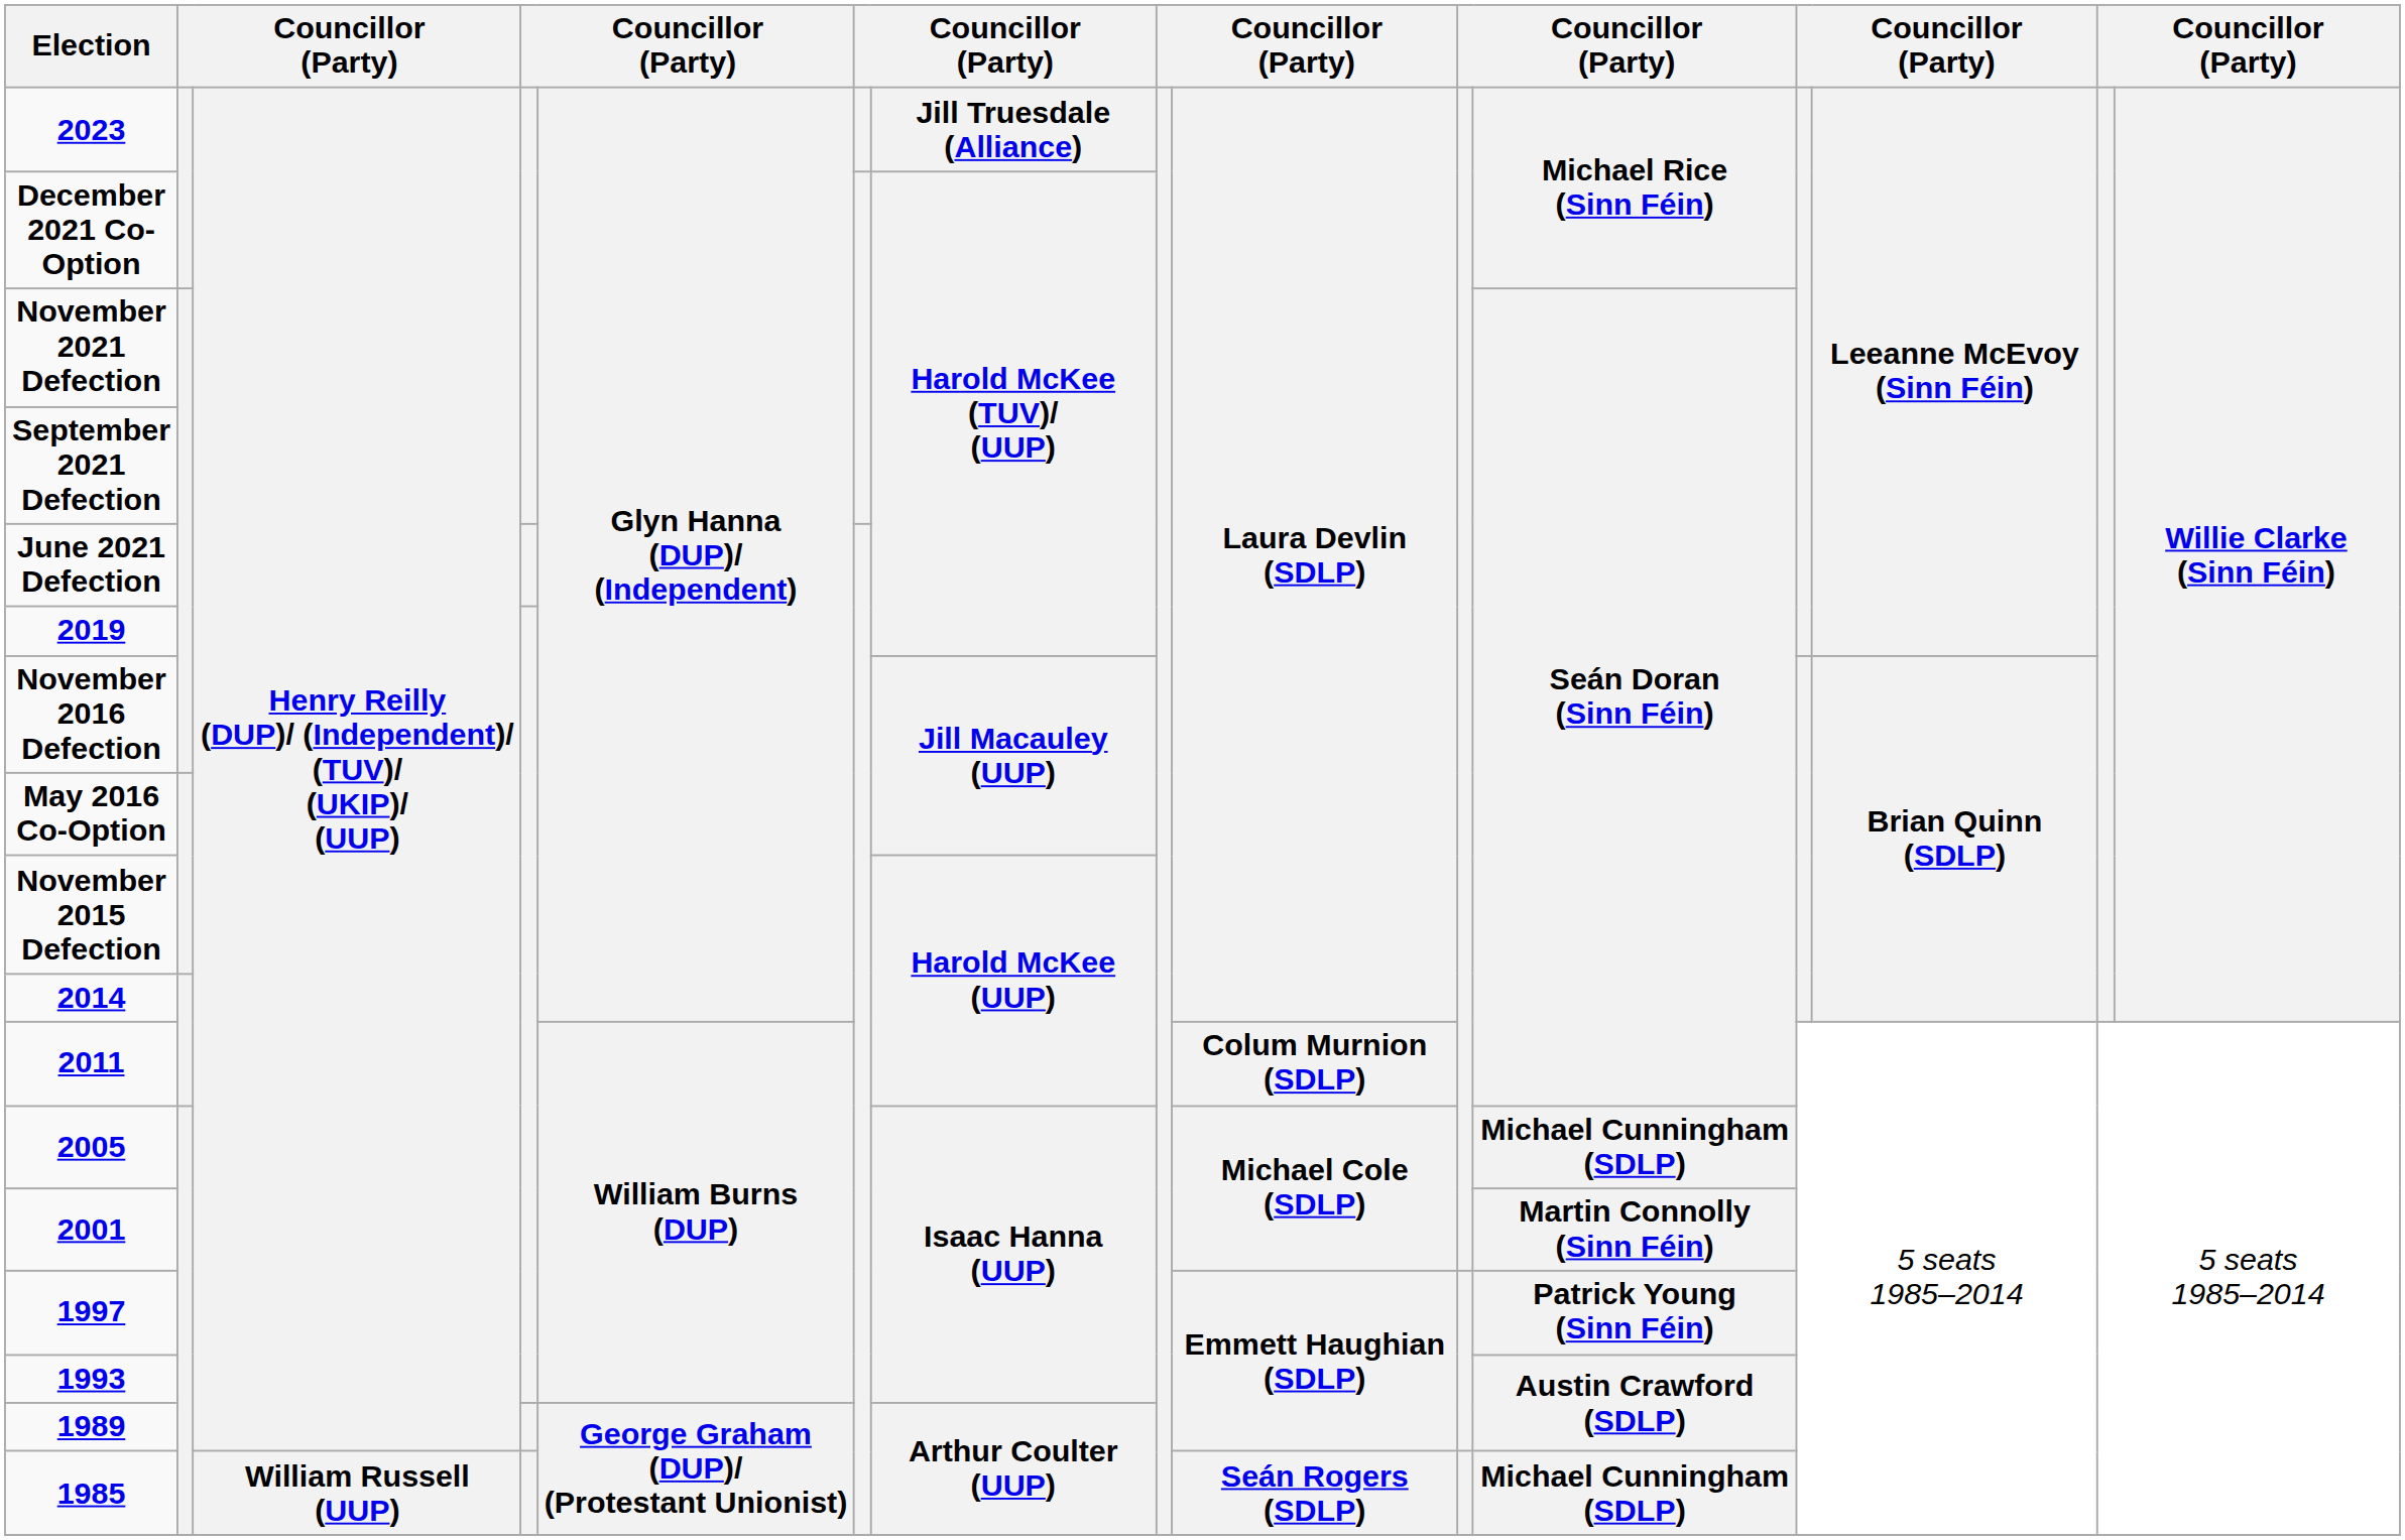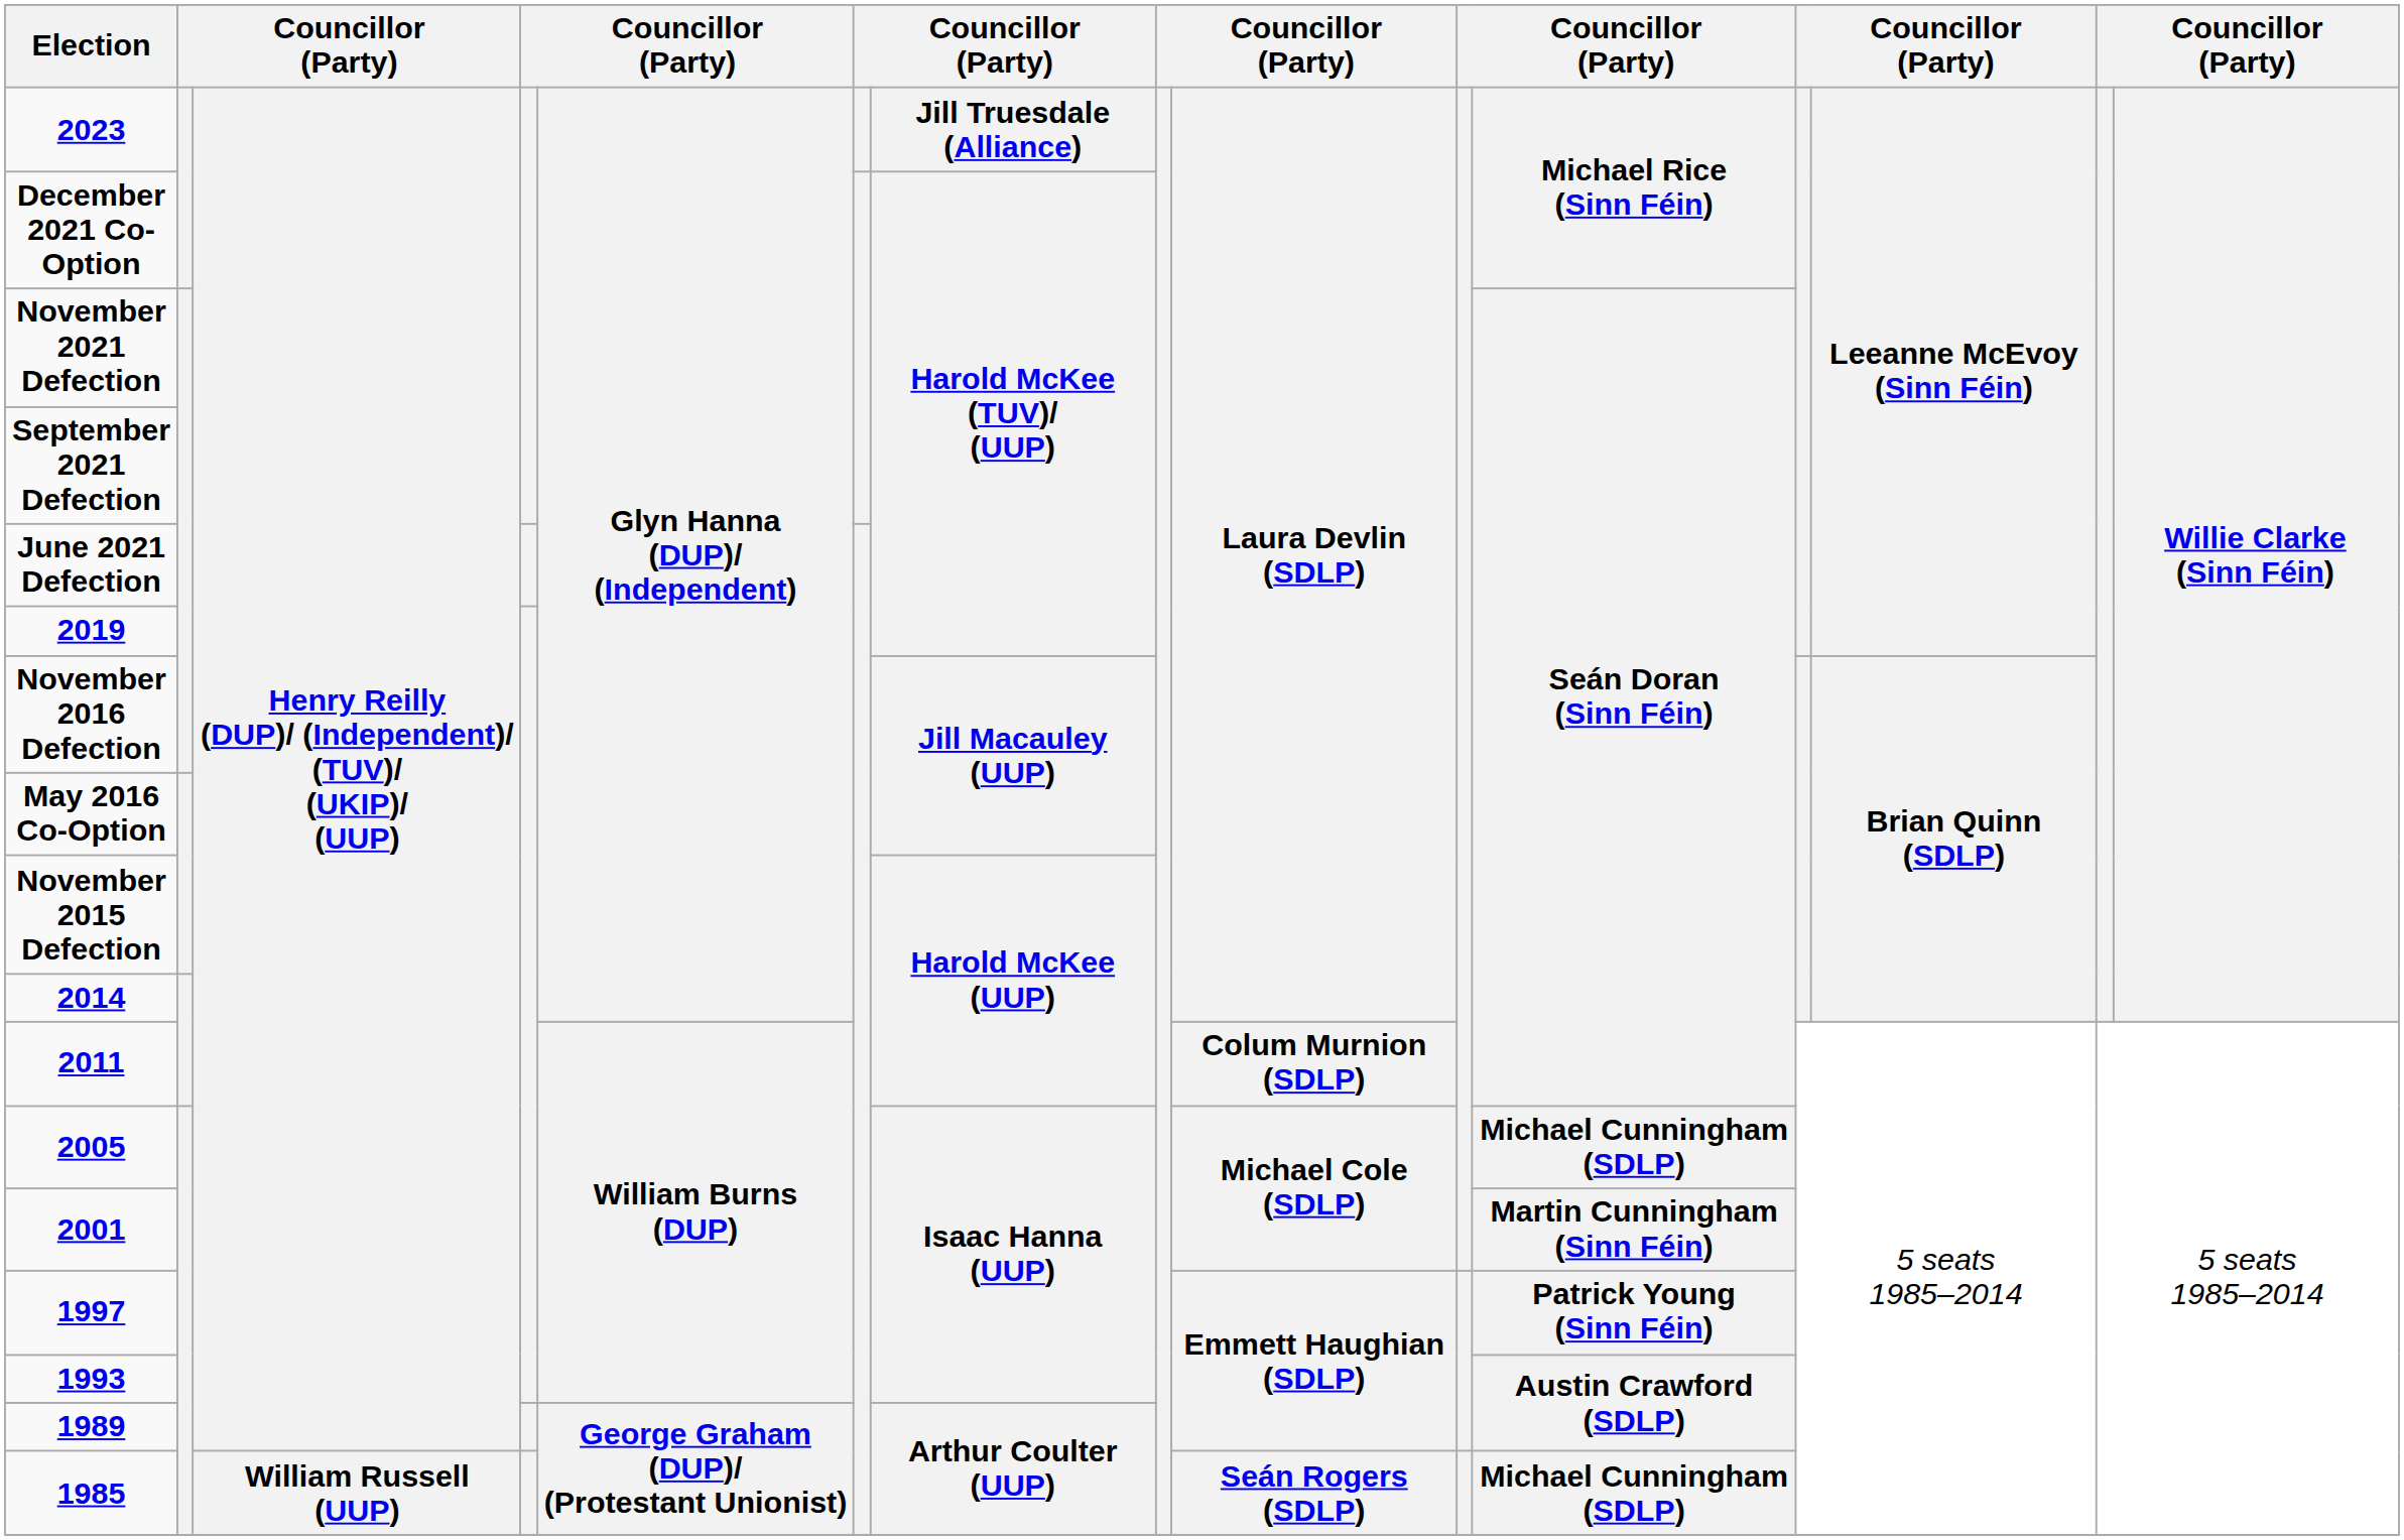 <table class="wikitable" style="text-align:center">
 <tr>
 <th scope="col" width="50">Election</th>
 <th scope="col" width="150" colspan = "2">Councillor<br> (Party)</th>
 <th scope="col" width="150" colspan = "2">Councillor<br> (Party)</th>
 <th scope="col" width="150" colspan = "2">Councillor<br> (Party)</th>
 <th scope="col" width="150" colspan = "2">Councillor<br> (Party)</th>
 <th scope="col" width="150" colspan = "2">Councillor<br> (Party)</th>
 <th scope="col" width="150" colspan = "2">Councillor<br> (Party)</th>
 <th scope="col" width="150" colspan = "2">Councillor<br> (Party)</th>
 </tr>
 <tr>
 <td><strong><a href='#'>2023</a></strong></td>
 <th rowspan="2" width="1" style="background-color: "></th>
 <th rowspan = "16"><a href='#'>Henry Reilly</a> <br> (<a href='#'>DUP</a>)/ (<a href='#'>Independent</a>)/ <br> (<a href='#'>TUV</a>)/ <br> (<a href='#'>UKIP</a>)/ <br> (<a href='#'>UUP</a>)</th>
 <th rowspan="4" width="1" style="background-color: "></th>
 <th rowspan = "10">Glyn Hanna <br> (<a href='#'>DUP</a>)/ <br> (<a href='#'>Independent</a>)</th>
 <th rowspan="1" width="1" style="background-color: "></th>
 <th rowspan = "1">Jill Truesdale <br> (<a href='#'>Alliance</a>)</th>
 <th rowspan="17" width="1" style="background-color: "></th>
 <th rowspan = "10">Laura Devlin <br> (<a href='#'>SDLP</a>)</th>
 <th rowspan="13" width="1" style="background-color: "></th>
 <th rowspan = "2">Michael Rice <br> (<a href='#'>Sinn Féin</a>)</th>
 <th rowspan="6" width="1" style="background-color: "></th>
 <th rowspan = "6">Leeanne McEvoy <br> (<a href='#'>Sinn Féin</a>)</th>
 <th rowspan="10" width="1" style="background-color: "></th>
 <th rowspan = "10"><a href='#'>Willie Clarke</a> <br> (<a href='#'>Sinn Féin</a>)</th>
 </tr>
 <tr>
 <td><strong>December 2021 Co-Option</strong></td>
 <th rowspan="3" width="1" style="background-color: "></th>
 <th rowspan = "5"><a href='#'>Harold McKee</a> <br> (<a href='#'>TUV</a>)/ <br> (<a href='#'>UUP</a>)</th>
 </tr>
 <tr>
 <td><strong>November 2021 Defection</strong></td>
 <th rowspan="5" width="1" style="background-color: "></th>
 <th rowspan = "9">Seán Doran <br> (<a href='#'>Sinn Féin</a>)</th>
 </tr>
 <tr>
 <td><strong>September 2021 Defection</strong></td>
 </tr>
 <tr>
 <td><strong>June 2021 Defection</strong></td>
 <th rowspan="1" width="1" style="background-color: "></th>
 <th rowspan="13" width="1" style="background-color: "></th>
 </tr>
 <tr>
 <td><strong><a href='#'>2019</a></strong></td>
 <th rowspan="10" width="1" style="background-color: "></th>
 </tr>
 <tr>
 <td><strong>November 2016 Defection</strong></td>
 <th rowspan = "2"><a href='#'>Jill Macauley</a> <br> (<a href='#'>UUP</a>)</th>
 <th rowspan="4" width="1" style="background-color: "></th>
 <th rowspan = "4">Brian Quinn <br> (<a href='#'>SDLP</a>)</th>
 </tr>
 <tr>
 <td><strong>May 2016 Co-Option</strong></td>
 <th rowspan="2" width="1" style="background-color: "></th>
 </tr>
 <tr>
 <td><strong>November 2015 Defection</strong></td>
 <th rowspan = "3"><a href='#'>Harold McKee</a> <br> (<a href='#'>UUP</a>)</th>
 </tr>
 <tr>
 <td><strong><a href='#'>2014</a></strong></td>
 <th rowspan="2" width="1" style="background-color: "></th>
 </tr>
 <tr>
 <td><strong><a href='#'>2011</a></strong></td>
 <th rowspan = "5">William Burns <br> (<a href='#'>DUP</a>)</th>
 <th rowspan = "1">Colum Murnion <br> (<a href='#'>SDLP</a>)</th>
 <td colspan="2" rowspan="7" style="background-color:#FFFFFF"><em>5 seats<br>1985–2014</em></td>
 <td colspan="2" rowspan="7" style="background-color:#FFFFFF"><em>5 seats<br>1985–2014</em></td>
 </tr>
 <tr>
 <td><strong><a href='#'>2005</a></strong></td>
 <th rowspan="6" width="1" style="background-color: "></th>
 <th rowspan = "4">Isaac Hanna <br> (<a href='#'>UUP</a>)</th>
 <th rowspan = "2">Michael Cole <br> (<a href='#'>SDLP</a>)</th>
 <th rowspan = "1">Michael Cunningham <br> (<a href='#'>SDLP</a>)</th>
 </tr>
 <tr>
 <td><strong><a href='#'>2001</a></strong></td>
-<th rowspan = "1">Martin Connolly <br> (<a href='#'>Sinn Féin</a>)</th>
+<th rowspan = "1">Martin Cunningham <br> (<a href='#'>Sinn Féin</a>)</th>
 </tr>
 <tr>
 <td><strong><a href='#'>1997</a></strong></td>
 <th rowspan = "3">Emmett Haughian <br> (<a href='#'>SDLP</a>)</th>
 <th rowspan="3" width="1" style="background-color: "></th>
 <th rowspan = "1">Patrick Young <br> (<a href='#'>Sinn Féin</a>)</th>
 </tr>
 <tr>
 <td><strong><a href='#'>1993</a></strong></td>
 <th rowspan = "2">Austin Crawford <br> (<a href='#'>SDLP</a>)</th>
 </tr>
 <tr>
 <td><strong><a href='#'>1989</a></strong></td>
 <th rowspan="1" width="1" style="background-color: "></th>
 <th rowspan = "2"><a href='#'>George Graham</a> <br> (<a href='#'>DUP</a>)/ <br> (Protestant Unionist)</th>
 <th rowspan = "2">Arthur Coulter <br> (<a href='#'>UUP</a>)</th>
 </tr>
 <tr>
 <td><strong><a href='#'>1985</a></strong></td>
 <th rowspan = "1">William Russell <br> (<a href='#'>UUP</a>)</th>
 <th rowspan="1" width="1" style="background-color: "></th>
 <th rowspan = "1"><a href='#'>Seán Rogers</a> <br> (<a href='#'>SDLP</a>)</th>
 <th rowspan="1" width="1" style="background-color: "></th>
 <th rowspan = "1">Michael Cunningham <br> (<a href='#'>SDLP</a>)</th>
 </tr>
 <tr>
 </tr>
 </table>
